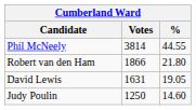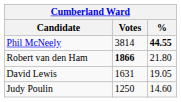 <table class="wikitable">
 <tr>
 <th colspan="3"><a href='#'>Cumberland Ward</a></th>
 </tr>
 <tr>
 <th style="width: 170px">Candidate</th>
 <th style="width: 50px">Votes</th>
 <th style="width: 40px">%</th>
 </tr>
 <tr>
 <td><a href='#'>Phil McNeely</a></td>
 <td>3814</td>
-<td>44.55</td>
+<td><strong>44.55</strong></td>
 </tr>
 <tr>
 <td>Robert van den Ham</td>
-<td>1866</td>
+<td><strong>1866</strong></td>
 <td>21.80</td>
 </tr>
 <tr>
 <td>David Lewis</td>
 <td>1631</td>
 <td>19.05</td>
 </tr>
 <tr>
 <td>Judy Poulin</td>
 <td>1250</td>
 <td>14.60</td>
 </tr>
 </table>
